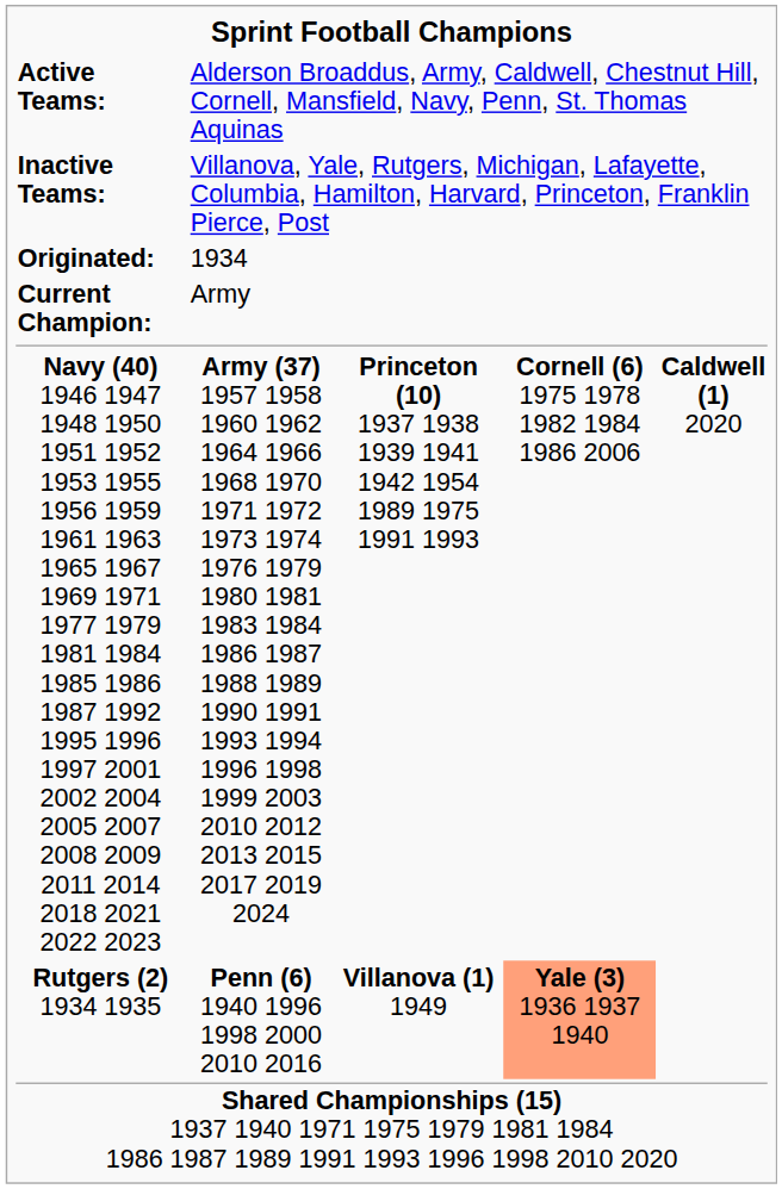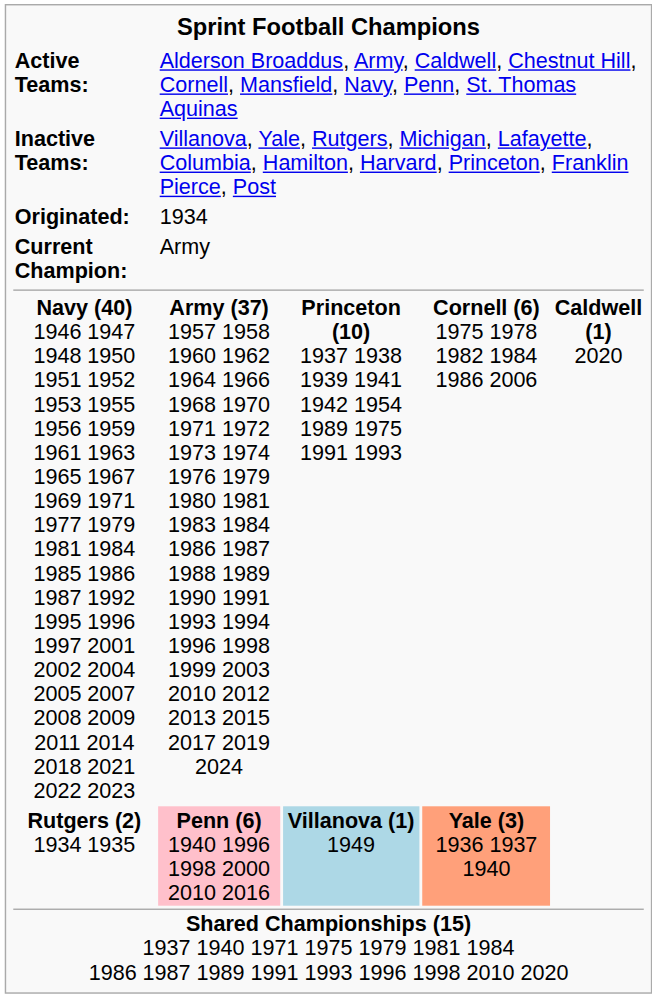 <table class="infobox" style="width: 30em; font-size: 95%;">
 <tr>
 <td colspan="8" style="text-align: center; font-size: 110%;"><strong>Sprint Football Champions</strong></td>
 </tr>
 <tr>
 <td valign="top"><strong>Active Teams:</strong></td>
 <td colspan="6"><a href='#'>Alderson Broaddus</a>, <a href='#'>Army</a>, <a href='#'>Caldwell</a>, <a href='#'>Chestnut Hill</a>, <a href='#'>Cornell</a>, <a href='#'>Mansfield</a>, <a href='#'>Navy</a>, <a href='#'>Penn</a>, <a href='#'>St. Thomas Aquinas</a></td>
 </tr>
 <tr>
 <td valign="top"><strong>Inactive Teams:</strong></td>
 <td colspan="8"><a href='#'>Villanova</a>, <a href='#'>Yale</a>, <a href='#'>Rutgers</a>, <a href='#'>Michigan</a>, <a href='#'>Lafayette</a>, <a href='#'>Columbia</a>, <a href='#'>Hamilton</a>, <a href='#'>Harvard</a>, <a href='#'>Princeton</a>, <a href='#'>Franklin Pierce</a>, <a href='#'>Post</a></td>
 </tr>
 <tr>
 <td><strong>Originated:</strong></td>
 <td colspan="8">1934</td>
 </tr>
 <tr>
 <td><strong>Current Champion:</strong></td>
 <td colspan="8">Army</td>
 </tr>
 <tr>
 <td colspan="8" style="border-bottom: 1px solid #aaa;"></td>
 </tr>
 <tr>
 <td valign="top" align="center" width="25%"><strong>Navy (40)</strong><br>1946 1947 1948 1950 1951 1952 1953 1955 1956 1959 1961 1963 1965 1967 1969 1971 1977 1979 1981 1984 1985 1986 1987 1992 1995 1996 1997 2001 2002 2004 2005 2007 2008 2009 2011 2014 2018 2021 2022 2023</td>
 <td valign="top" align="center" width="25%"><strong>Army (37)</strong><br>1957 1958<br>1960 1962<br>1964 1966 1968 1970 1971 1972 1973 1974 1976 1979 1980 1981 1983 1984 1986 1987 1988 1989 1990 1991 1993 1994 1996 1998 1999 2003 2010 2012 2013 2015 2017 2019 2024</td>
 <td valign="top" align="center" width="25%"><strong>Princeton (10)</strong><br>1937 1938 1939 1941 1942 1954 1989 1975 1991 1993</td>
 <td valign="top" align="center" width="25%"><strong>Cornell (6)</strong><br>1975 1978 1982 1984 1986 2006</td>
 <td valign="top" align="center" width="25%"><strong>Caldwell (1)</strong><br> 2020</td>
 </tr>
 <tr>
 <td valign="top" align="center" width="25%"><strong>Rutgers (2)</strong><br>1934 1935</td>
-<td valign="top" align="center" width="25%"><strong>Penn (6)</strong><br>1940 1996 1998 2000 2010 2016</td>
-<td valign="top" align="center" width="25%"><strong>Villanova (1)</strong><br>1949</td>
+<td valign="top" align="center" width="25%" style="background: pink;"><strong>Penn (6)</strong><br>1940 1996 1998 2000 2010 2016</td>
+<td valign="top" align="center" width="25%" style="background: lightblue;"><strong>Villanova (1)</strong><br>1949</td>
 <td valign="top" align="center" width="25%" style="background: lightsalmon;"><strong>Yale (3)</strong><br>1936 1937 1940</td>
 </tr>
 <tr>
 <td colspan="8" style="text-align: center; border-top: 1px solid #aaa;"><strong>Shared Championships (15)</strong><br>1937 1940 1971 1975 1979 1981 1984<br>1986 1987 1989 1991 1993 1996 1998 2010 2020</td>
 </tr>
 </table>
